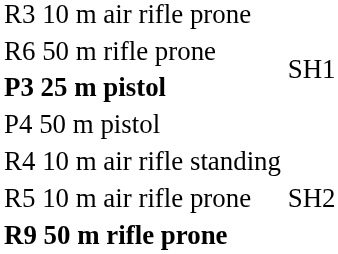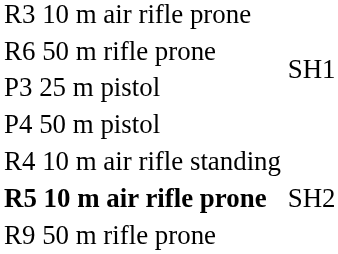 <table>
 <tr>
 <td>R3 10 m air rifle prone<br></td>
 <td rowspan=4>SH1</td>
 <td></td>
 <td></td>
 <td></td>
 </tr>
 <tr>
 <td>R6 50 m rifle prone<br></td>
 <td></td>
 <td></td>
 <td></td>
 </tr>
 <tr>
-<td><strong>P3 25 m pistol<br></strong></td>
+<td>P3 25 m pistol<br></td>
 <td></td>
 <td></td>
 <td></td>
 </tr>
 <tr>
 <td>P4 50 m pistol<br></td>
 <td></td>
 <td></td>
 <td></td>
 </tr>
 <tr>
 <td nowrap>R4 10 m air rifle standing<br></td>
 <td rowspan=3>SH2</td>
 <td></td>
 <td></td>
 <td></td>
 </tr>
 <tr>
-<td>R5 10 m air rifle prone<br></td>
+<td><strong>R5 10 m air rifle prone<br></strong></td>
 <td></td>
 <td></td>
 <td></td>
 </tr>
 <tr>
-<td><strong>R9 50 m rifle prone<br></strong></td>
+<td>R9 50 m rifle prone<br></td>
 <td></td>
 <td></td>
 <td></td>
 </tr>
 </table>
